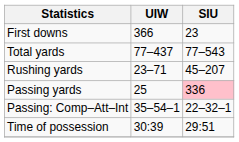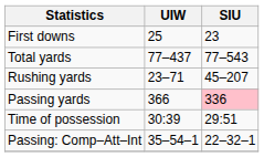 <table class="wikitable" style="float: left;">
 <tr>
 <th>Statistics</th>
 <th>UIW</th>
 <th>SIU</th>
 </tr>
 <tr>
 <td>First downs</td>
-<td>366</td>
+<td>25</td>
 <td>23</td>
 </tr>
 <tr>
 <td>Total yards</td>
 <td>77–437</td>
 <td>77–543</td>
 </tr>
 <tr>
 <td>Rushing yards</td>
 <td>23–71</td>
 <td>45–207</td>
 </tr>
 <tr>
 <td>Passing yards</td>
-<td>25</td>
+<td>366</td>
 <td style="background: pink;">336</td>
+</tr>
+<tr>
+<td>Time of possession</td>
+<td>30:39</td>
+<td>29:51</td>
 </tr>
 <tr>
 <td>Passing: Comp–Att–Int</td>
 <td>35–54–1</td>
 <td>22–32–1</td>
 </tr>
 <tr>
-<td>Time of possession</td>
-<td>30:39</td>
-<td>29:51</td>
-</tr>
-<tr>
 </tr>
 </table>
